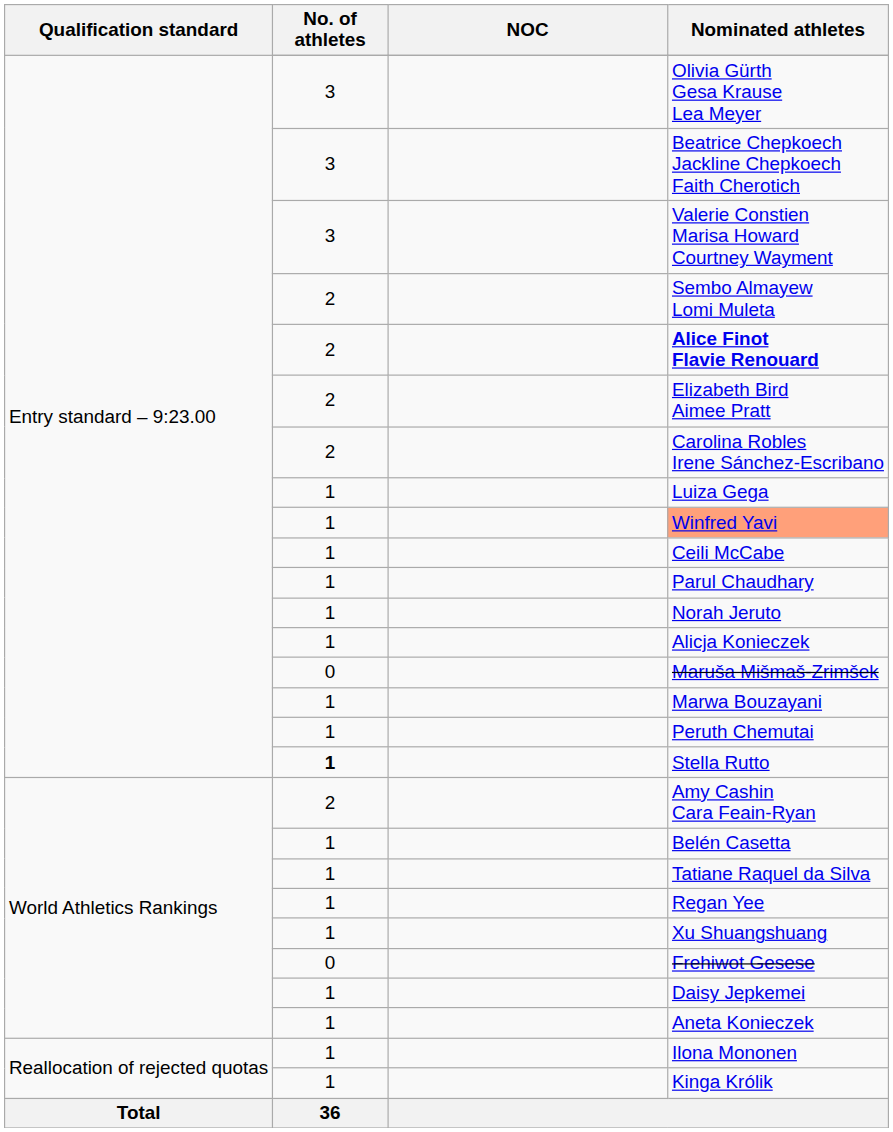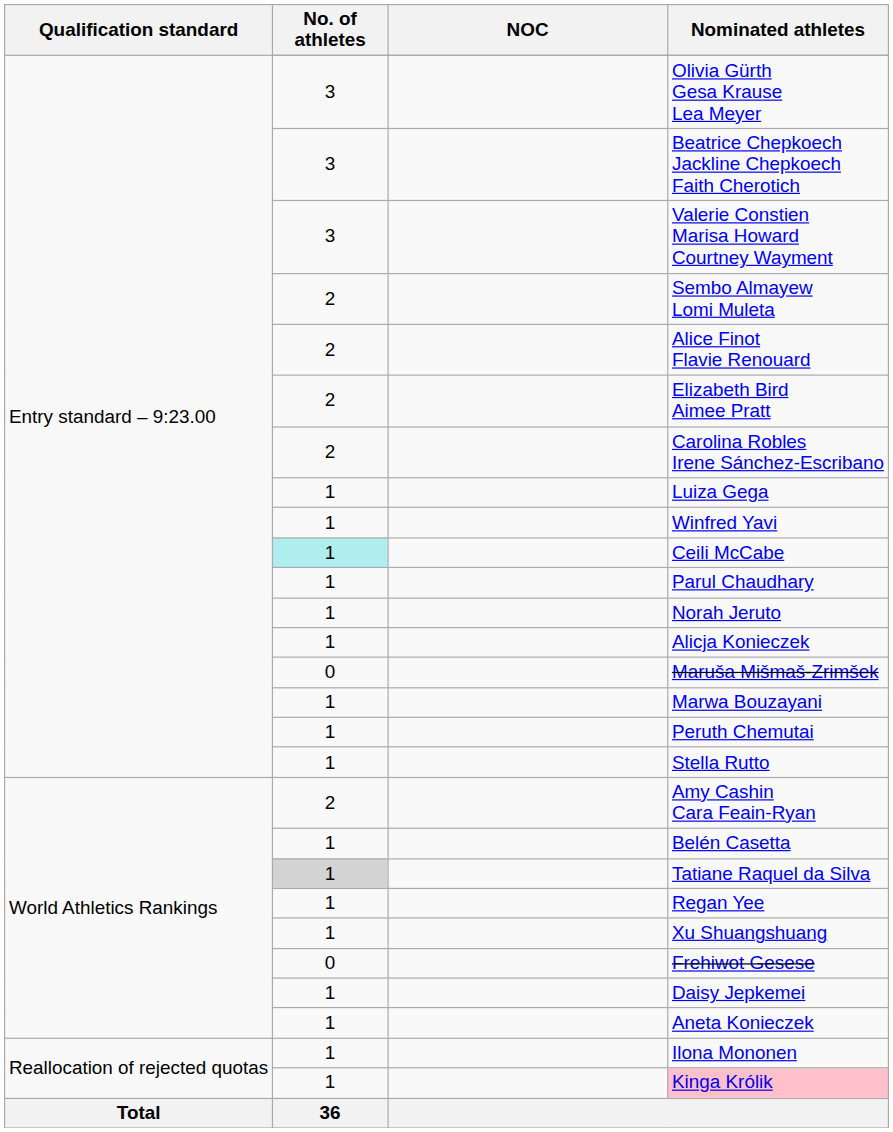 <table class="wikitable sortable" style="text-align:left; width:750px;">
 <tr>
 <th>Qualification standard</th>
 <th width=90>No. of athletes</th>
 <th width=230>NOC</th>
 <th>Nominated athletes</th>
 </tr>
 <tr>
 <td rowspan=18>Entry standard – 9:23.00</td>
 </tr>
 <tr>
 <td align=center>3</td>
 <td></td>
 <td><a href='#'>Olivia Gürth</a><br><a href='#'>Gesa Krause</a><br><a href='#'>Lea Meyer</a></td>
 </tr>
 <tr>
 <td align=center>3</td>
 <td></td>
 <td><a href='#'>Beatrice Chepkoech</a><br><a href='#'>Jackline Chepkoech</a><br><a href='#'>Faith Cherotich</a></td>
 </tr>
 <tr>
 <td align=center>3</td>
 <td></td>
 <td><a href='#'>Valerie Constien</a><br><a href='#'>Marisa Howard</a><br><a href='#'>Courtney Wayment</a></td>
 </tr>
 <tr>
 <td align=center>2</td>
 <td></td>
 <td><a href='#'>Sembo Almayew</a><br><a href='#'>Lomi Muleta</a></td>
 </tr>
 <tr>
 <td align=center>2</td>
 <td></td>
-<td><strong><a href='#'>Alice Finot</a><br><a href='#'>Flavie Renouard</a></strong></td>
+<td><a href='#'>Alice Finot</a><br><a href='#'>Flavie Renouard</a></td>
 </tr>
 <tr>
 <td align=center>2</td>
 <td></td>
 <td><a href='#'>Elizabeth Bird</a><br><a href='#'>Aimee Pratt</a></td>
 </tr>
 <tr>
 <td align=center>2</td>
 <td></td>
 <td><a href='#'>Carolina Robles</a><br><a href='#'>Irene Sánchez-Escribano</a></td>
 </tr>
 <tr>
 <td align=center>1</td>
 <td></td>
 <td><a href='#'>Luiza Gega</a></td>
 </tr>
 <tr>
 <td align=center>1</td>
 <td></td>
-<td style="background: lightsalmon;"><a href='#'>Winfred Yavi</a></td>
+<td><a href='#'>Winfred Yavi</a></td>
 </tr>
 <tr>
-<td align=center>1</td>
+<td align=center style="background: paleturquoise;">1</td>
 <td></td>
 <td><a href='#'>Ceili McCabe</a></td>
 </tr>
 <tr>
 <td align=center>1</td>
 <td></td>
 <td><a href='#'>Parul Chaudhary</a></td>
 </tr>
 <tr>
 <td align=center>1</td>
 <td></td>
 <td><a href='#'>Norah Jeruto</a></td>
 </tr>
 <tr>
 <td align=center>1</td>
 <td></td>
 <td><a href='#'>Alicja Konieczek</a></td>
 </tr>
 <tr>
 <td align=center>0</td>
 <td><s></s></td>
 <td><s><a href='#'>Maruša Mišmaš-Zrimšek</a></s></td>
 </tr>
 <tr>
 <td align=center>1</td>
 <td></td>
 <td><a href='#'>Marwa Bouzayani</a></td>
 </tr>
 <tr>
 <td align=center>1</td>
 <td></td>
 <td><a href='#'>Peruth Chemutai</a></td>
 </tr>
 <tr>
-<td align=center><strong>1</strong></td>
+<td align=center>1</td>
 <td></td>
 <td><a href='#'>Stella Rutto</a></td>
 </tr>
 <tr>
 <td rowspan =8>World Athletics Rankings</td>
 <td align=center>2</td>
 <td></td>
 <td><a href='#'>Amy Cashin</a><br><a href='#'>Cara Feain-Ryan</a></td>
 </tr>
 <tr>
 <td align=center>1</td>
 <td></td>
 <td><a href='#'>Belén Casetta</a></td>
 </tr>
 <tr>
-<td align=center>1</td>
+<td align=center style="background: lightgrey;">1</td>
 <td></td>
 <td><a href='#'>Tatiane Raquel da Silva</a></td>
 </tr>
 <tr>
 <td align=center>1</td>
 <td></td>
 <td><a href='#'>Regan Yee</a></td>
 </tr>
 <tr>
 <td align=center>1</td>
 <td></td>
 <td><a href='#'>Xu Shuangshuang</a></td>
 </tr>
 <tr>
 <td align=center>0</td>
 <td></td>
 <td><s><a href='#'>Frehiwot Gesese</a></s></td>
 </tr>
 <tr>
 <td align=center>1</td>
 <td></td>
 <td><a href='#'>Daisy Jepkemei</a></td>
 </tr>
 <tr>
 <td align=center>1</td>
 <td></td>
 <td><a href='#'>Aneta Konieczek</a></td>
 </tr>
 <tr>
 <td rowspan =2>Reallocation of rejected quotas</td>
 <td align=center>1</td>
 <td></td>
 <td><a href='#'>Ilona Mononen</a></td>
 </tr>
 <tr>
 <td align=center>1</td>
 <td></td>
-<td><a href='#'>Kinga Królik</a></td>
+<td style="background: pink;"><a href='#'>Kinga Królik</a></td>
 </tr>
 <tr>
 <th>Total</th>
 <th>36</th>
 <th colspan=2></th>
 </tr>
 </table>
